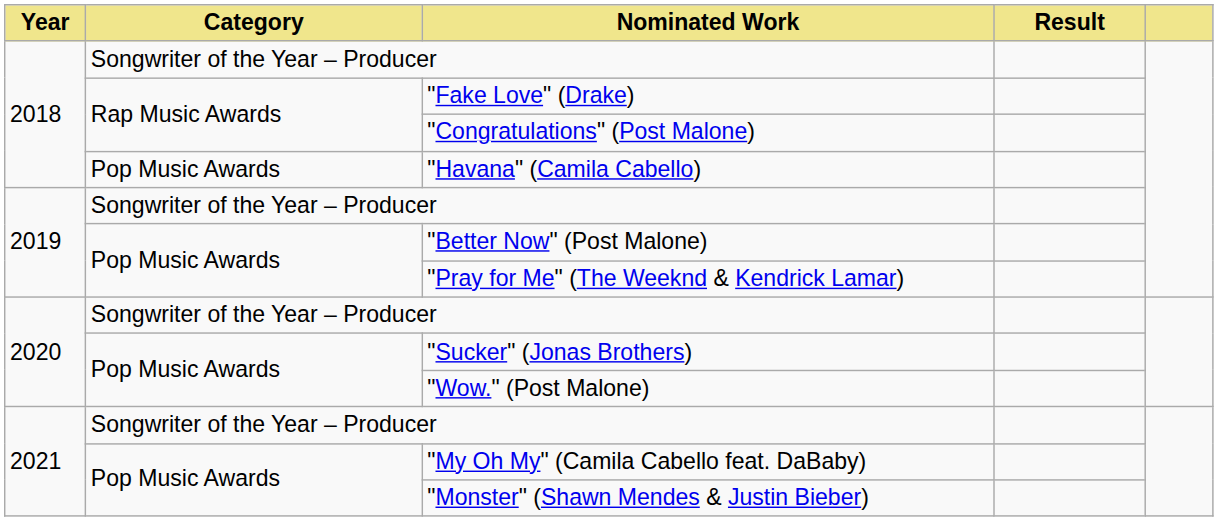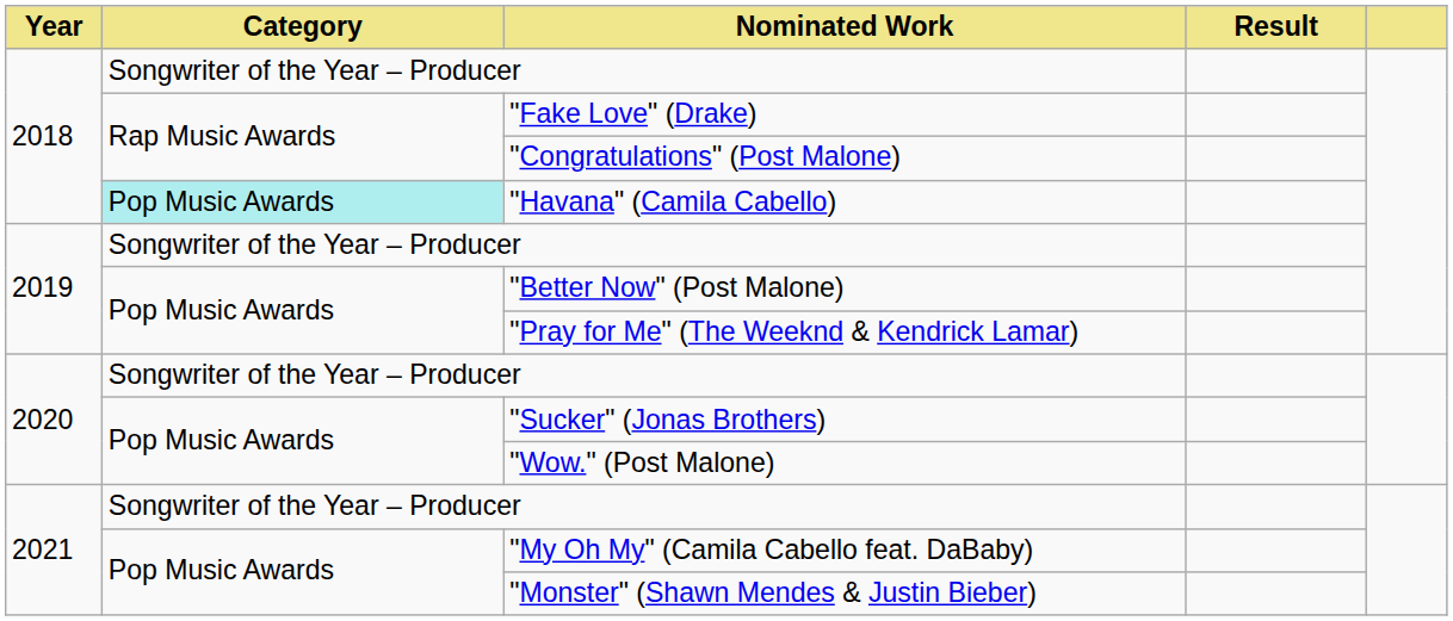 <table class="wikitable" width="95%">
 <tr>
 <th style="background:#F0E68C" width="4%">Year</th>
 <th style="background:#F0E68C" width="20%">Category</th>
 <th style="background:#F0E68C" width="34%">Nominated Work</th>
 <th style="background:#F0E68C" width="9%">Result</th>
 <th style="background:#F0E68C" width="4%"></th>
 </tr>
 <tr>
 <td rowspan="4">2018</td>
 <td colspan="2">Songwriter of the Year – Producer</td>
 <td></td>
 <td rowspan="7"></td>
 </tr>
 <tr>
 <td rowspan="2">Rap Music Awards</td>
 <td>"<a href='#'>Fake Love</a>" (<a href='#'>Drake</a>)</td>
 <td></td>
 </tr>
 <tr>
 <td>"<a href='#'>Congratulations</a>" (<a href='#'>Post Malone</a>)</td>
 <td></td>
 </tr>
 <tr>
-<td>Pop Music Awards</td>
+<td style="background: paleturquoise;">Pop Music Awards</td>
 <td>"<a href='#'>Havana</a>" (<a href='#'>Camila Cabello</a>)</td>
 <td></td>
 </tr>
 <tr>
 <td rowspan="3">2019</td>
 <td colspan="2">Songwriter of the Year – Producer</td>
 <td></td>
 </tr>
 <tr>
 <td rowspan="2">Pop Music Awards</td>
 <td>"<a href='#'>Better Now</a>" (Post Malone)</td>
 <td></td>
 </tr>
 <tr>
 <td>"<a href='#'>Pray for Me</a>" (<a href='#'>The Weeknd</a> & <a href='#'>Kendrick Lamar</a>)</td>
 <td></td>
 </tr>
 <tr>
 <td rowspan="3">2020</td>
 <td colspan="2">Songwriter of the Year – Producer</td>
 <td></td>
 <td rowspan="3"></td>
 </tr>
 <tr>
 <td rowspan="2">Pop Music Awards</td>
 <td>"<a href='#'>Sucker</a>" (<a href='#'>Jonas Brothers</a>)</td>
 <td></td>
 </tr>
 <tr>
 <td>"<a href='#'>Wow.</a>" (Post Malone)</td>
 <td></td>
 </tr>
 <tr>
 <td rowspan="3">2021</td>
 <td colspan="2">Songwriter of the Year – Producer</td>
 <td></td>
 <td rowspan="3"></td>
 </tr>
 <tr>
 <td rowspan="2">Pop Music Awards</td>
 <td>"<a href='#'>My Oh My</a>" (Camila Cabello feat. DaBaby)</td>
 <td></td>
 </tr>
 <tr>
 <td>"<a href='#'>Monster</a>" (<a href='#'>Shawn Mendes</a> & <a href='#'>Justin Bieber</a>)</td>
 <td></td>
 </tr>
 </table>
